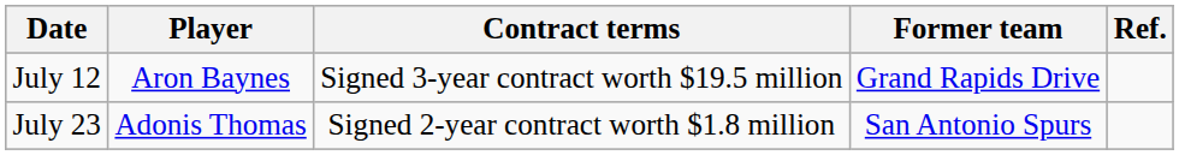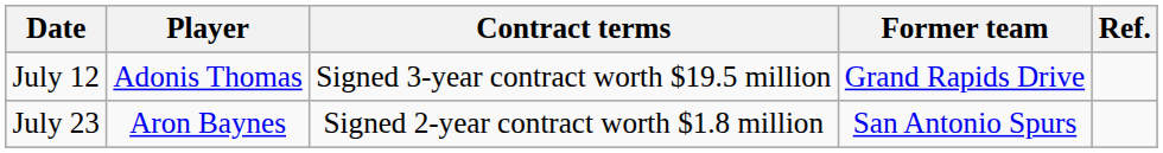 <table class="wikitable sortable sortable">
 <tr>
 <th>Date</th>
 <th>Player</th>
 <th>Contract terms</th>
 <th>Former team</th>
 <th>Ref.</th>
 </tr>
 <tr style="text-align: center">
 <td>July 12</td>
-<td><a href='#'>Aron Baynes</a></td>
+<td><a href='#'>Adonis Thomas</a></td>
 <td>Signed 3-year contract worth $19.5 million</td>
 <td><a href='#'>Grand Rapids Drive</a></td>
 <td></td>
 </tr>
 <tr style="text-align: center">
 <td>July 23</td>
-<td><a href='#'>Adonis Thomas</a></td>
+<td><a href='#'>Aron Baynes</a></td>
 <td>Signed 2-year contract worth $1.8 million</td>
 <td><a href='#'>San Antonio Spurs</a></td>
 <td></td>
 </tr>
 </table>
